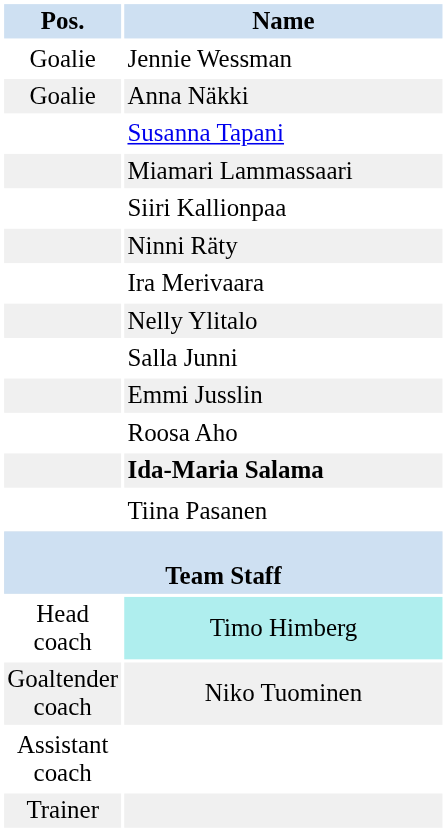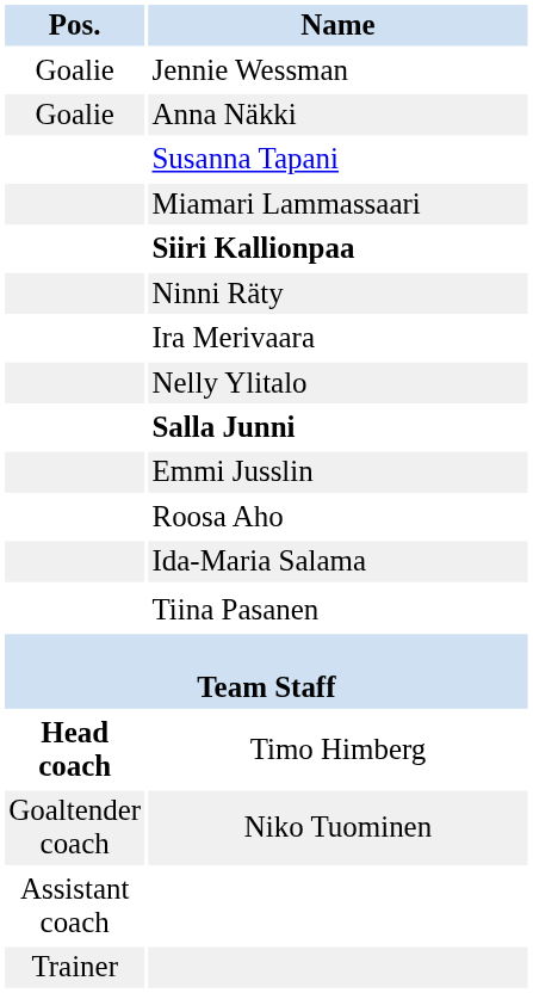 <table border="0" cellspacing="2" cellpadding="2">
 <tr bgcolor=#CEE0F2>
 <th width=40>Pos.</th>
 <th width=200>Name</th>
 </tr>
 <tr>
 <td align=center>Goalie</td>
 <td>Jennie Wessman</td>
 </tr>
 <tr bgcolor="#f0f0f0">
 <td align=center>Goalie</td>
 <td>Anna Näkki</td>
 </tr>
 <tr>
 <td align=center></td>
 <td><a href='#'>Susanna Tapani</a></td>
 </tr>
 <tr bgcolor="#f0f0f0">
 <td align=center></td>
 <td>Miamari Lammassaari</td>
 </tr>
 <tr>
 <td align=center></td>
-<td>Siiri Kallionpaa</td>
+<td><strong>Siiri Kallionpaa</strong></td>
 </tr>
 <tr bgcolor="#f0f0f0">
 <td align=center></td>
 <td>Ninni Räty</td>
 </tr>
 <tr>
 <td align=center></td>
 <td>Ira Merivaara</td>
 </tr>
 <tr bgcolor="#f0f0f0">
 <td align=center></td>
 <td>Nelly Ylitalo</td>
 </tr>
 <tr>
 <td align=center></td>
-<td>Salla Junni</td>
+<td><strong>Salla Junni</strong></td>
 </tr>
 <tr bgcolor="#f0f0f0">
 <td align=center></td>
 <td>Emmi Jusslin</td>
 </tr>
 <tr>
 <td align=center></td>
 <td>Roosa Aho</td>
 </tr>
 <tr bgcolor="#f0f0f0">
 <td align=center></td>
-<td><strong>Ida-Maria Salama</strong></td>
+<td>Ida-Maria Salama</td>
 </tr>
 <tr bgcolor="#f0f0f0">
 </tr>
 <tr>
 <td align=center></td>
 <td>Tiina Pasanen</td>
 </tr>
 <tr bgcolor="#f0f0f0">
 <th style=background:#CEE0F2 colspan=3><br>Team Staff</th>
 </tr>
 <tr>
-<td align=center>Head coach</td>
-<td align=center style="background: paleturquoise;">Timo Himberg</td>
+<td align=center><strong>Head coach</strong></td>
+<td align=center>Timo Himberg</td>
 </tr>
 <tr bgcolor="#f0f0f0">
 <td align=center>Goaltender coach</td>
 <td align=center>Niko Tuominen</td>
 </tr>
 <tr>
 <td align=center>Assistant coach</td>
 <td align=center></td>
 </tr>
 <tr bgcolor="#f0f0f0">
 <td align=center>Trainer</td>
 <td align=center></td>
 </tr>
 </table>
